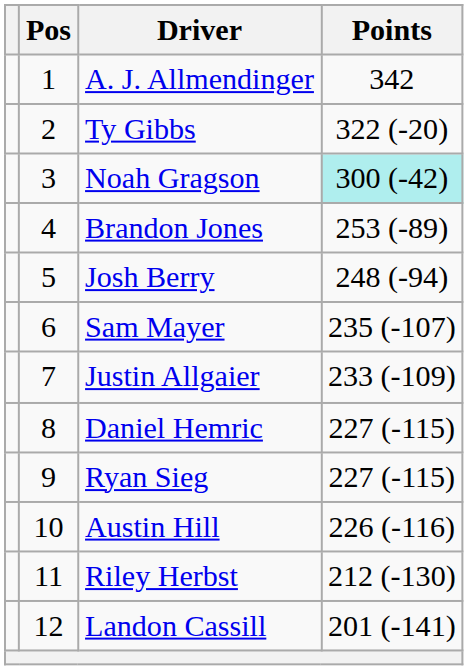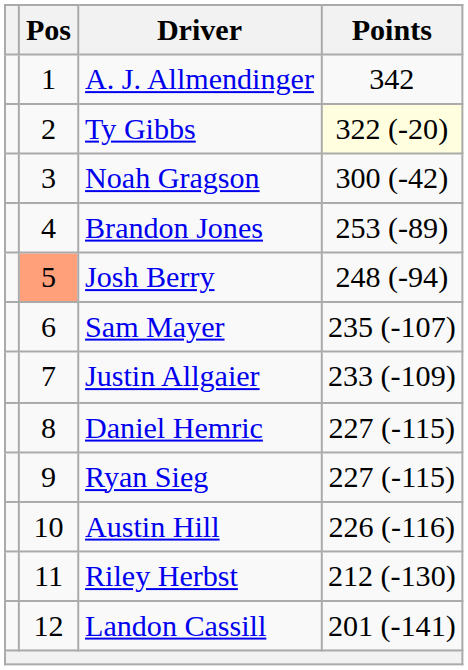 <table class="wikitable" style="font-size: 95%;">
 <tr>
 <th></th>
 <th>Pos</th>
 <th>Driver</th>
 <th>Points</th>
 </tr>
 <tr>
 <td align="left"></td>
 <td style="text-align:center;">1</td>
 <td><a href='#'>A. J. Allmendinger</a></td>
 <td style="text-align:center;">342</td>
 </tr>
 <tr>
 <td align="left"></td>
 <td style="text-align:center;">2</td>
 <td><a href='#'>Ty Gibbs</a></td>
-<td style="text-align:center;">322 (-20)</td>
+<td style="background: lightyellow; text-align:center;">322 (-20)</td>
 </tr>
 <tr>
 <td align="left"></td>
 <td style="text-align:center;">3</td>
 <td><a href='#'>Noah Gragson</a></td>
-<td style="background: paleturquoise; text-align:center;">300 (-42)</td>
+<td style="text-align:center;">300 (-42)</td>
 </tr>
 <tr>
 <td align="left"></td>
 <td style="text-align:center;">4</td>
 <td><a href='#'>Brandon Jones</a></td>
 <td style="text-align:center;">253 (-89)</td>
 </tr>
 <tr>
 <td align="left"></td>
-<td style="text-align:center;">5</td>
+<td style="background: lightsalmon; text-align:center;">5</td>
 <td><a href='#'>Josh Berry</a></td>
 <td style="text-align:center;">248 (-94)</td>
 </tr>
 <tr>
 <td align="left"></td>
 <td style="text-align:center;">6</td>
 <td><a href='#'>Sam Mayer</a></td>
 <td style="text-align:center;">235 (-107)</td>
 </tr>
 <tr>
 <td align="left"></td>
 <td style="text-align:center;">7</td>
 <td><a href='#'>Justin Allgaier</a></td>
 <td style="text-align:center;">233 (-109)</td>
 </tr>
 <tr>
 <td align="left"></td>
 <td style="text-align:center;">8</td>
 <td><a href='#'>Daniel Hemric</a></td>
 <td style="text-align:center;">227 (-115)</td>
 </tr>
 <tr>
 <td align="left"></td>
 <td style="text-align:center;">9</td>
 <td><a href='#'>Ryan Sieg</a></td>
 <td style="text-align:center;">227 (-115)</td>
 </tr>
 <tr>
 <td align="left"></td>
 <td style="text-align:center;">10</td>
 <td><a href='#'>Austin Hill</a></td>
 <td style="text-align:center;">226 (-116)</td>
 </tr>
 <tr>
 <td align="left"></td>
 <td style="text-align:center;">11</td>
 <td><a href='#'>Riley Herbst</a></td>
 <td style="text-align:center;">212 (-130)</td>
 </tr>
 <tr>
 <td align="left"></td>
 <td style="text-align:center;">12</td>
 <td><a href='#'>Landon Cassill</a></td>
 <td style="text-align:center;">201 (-141)</td>
 </tr>
 <tr class="sortbottom">
 <th colspan="9"></th>
 </tr>
 </table>
